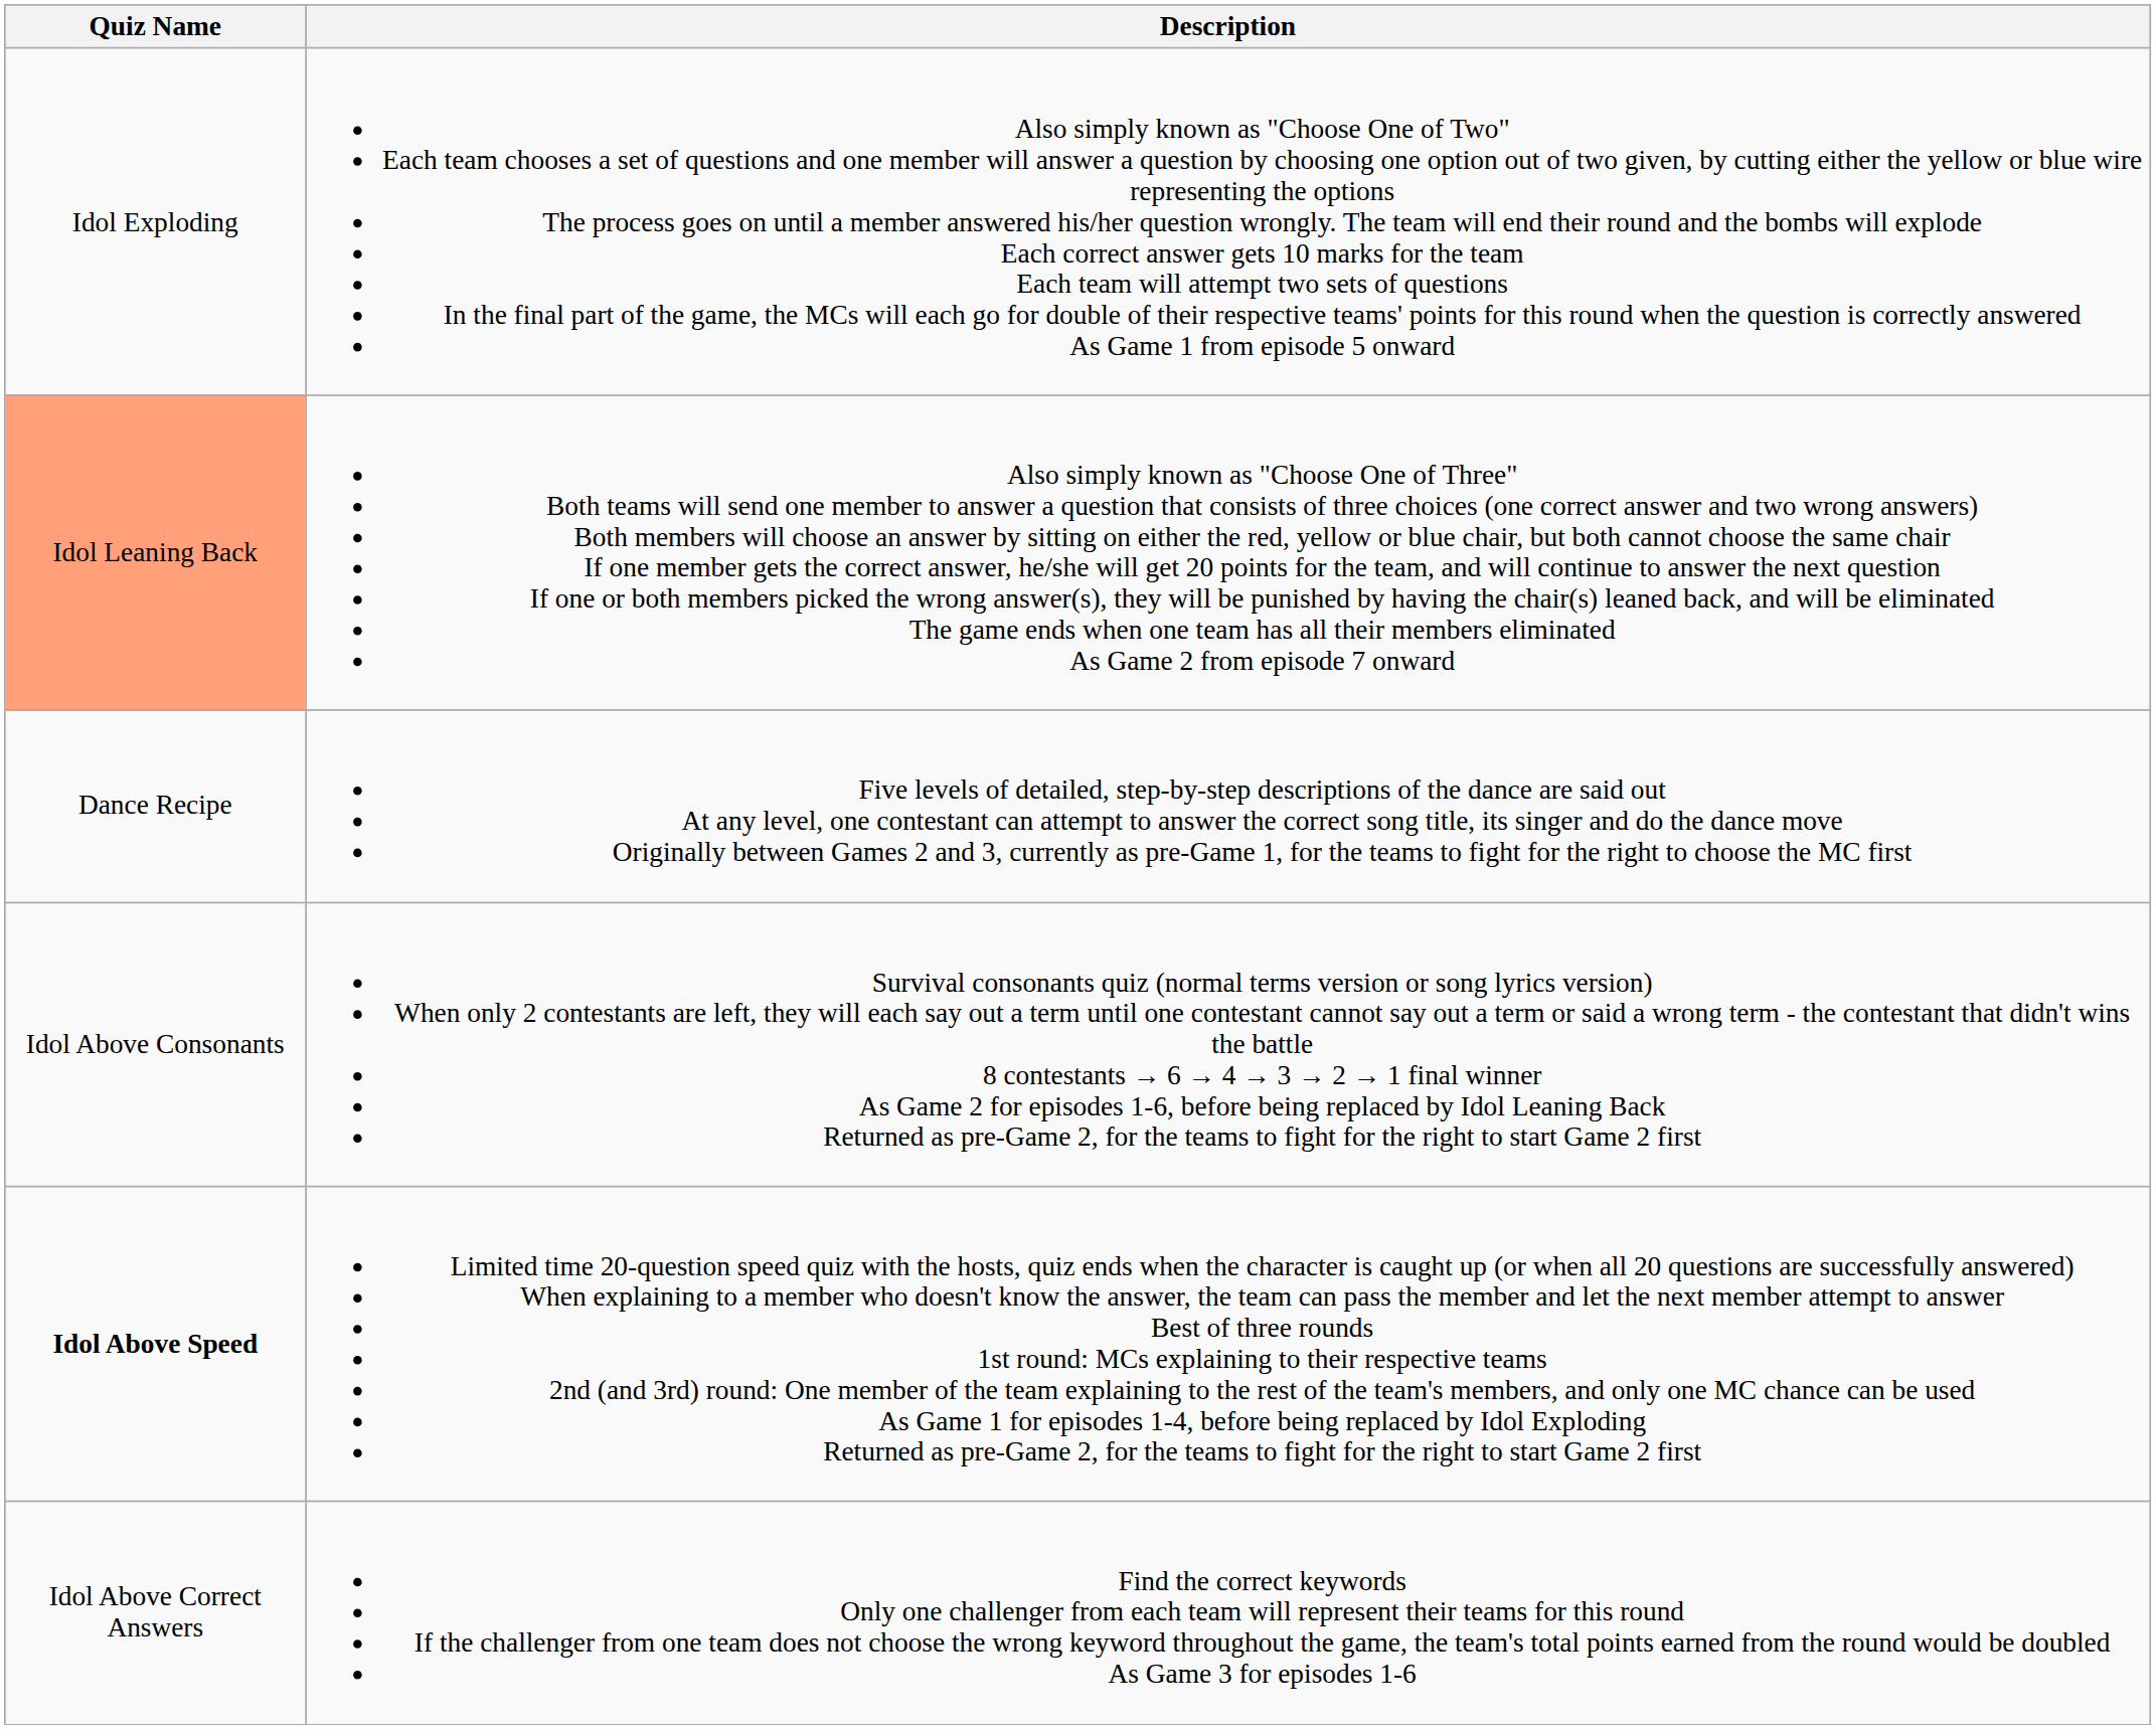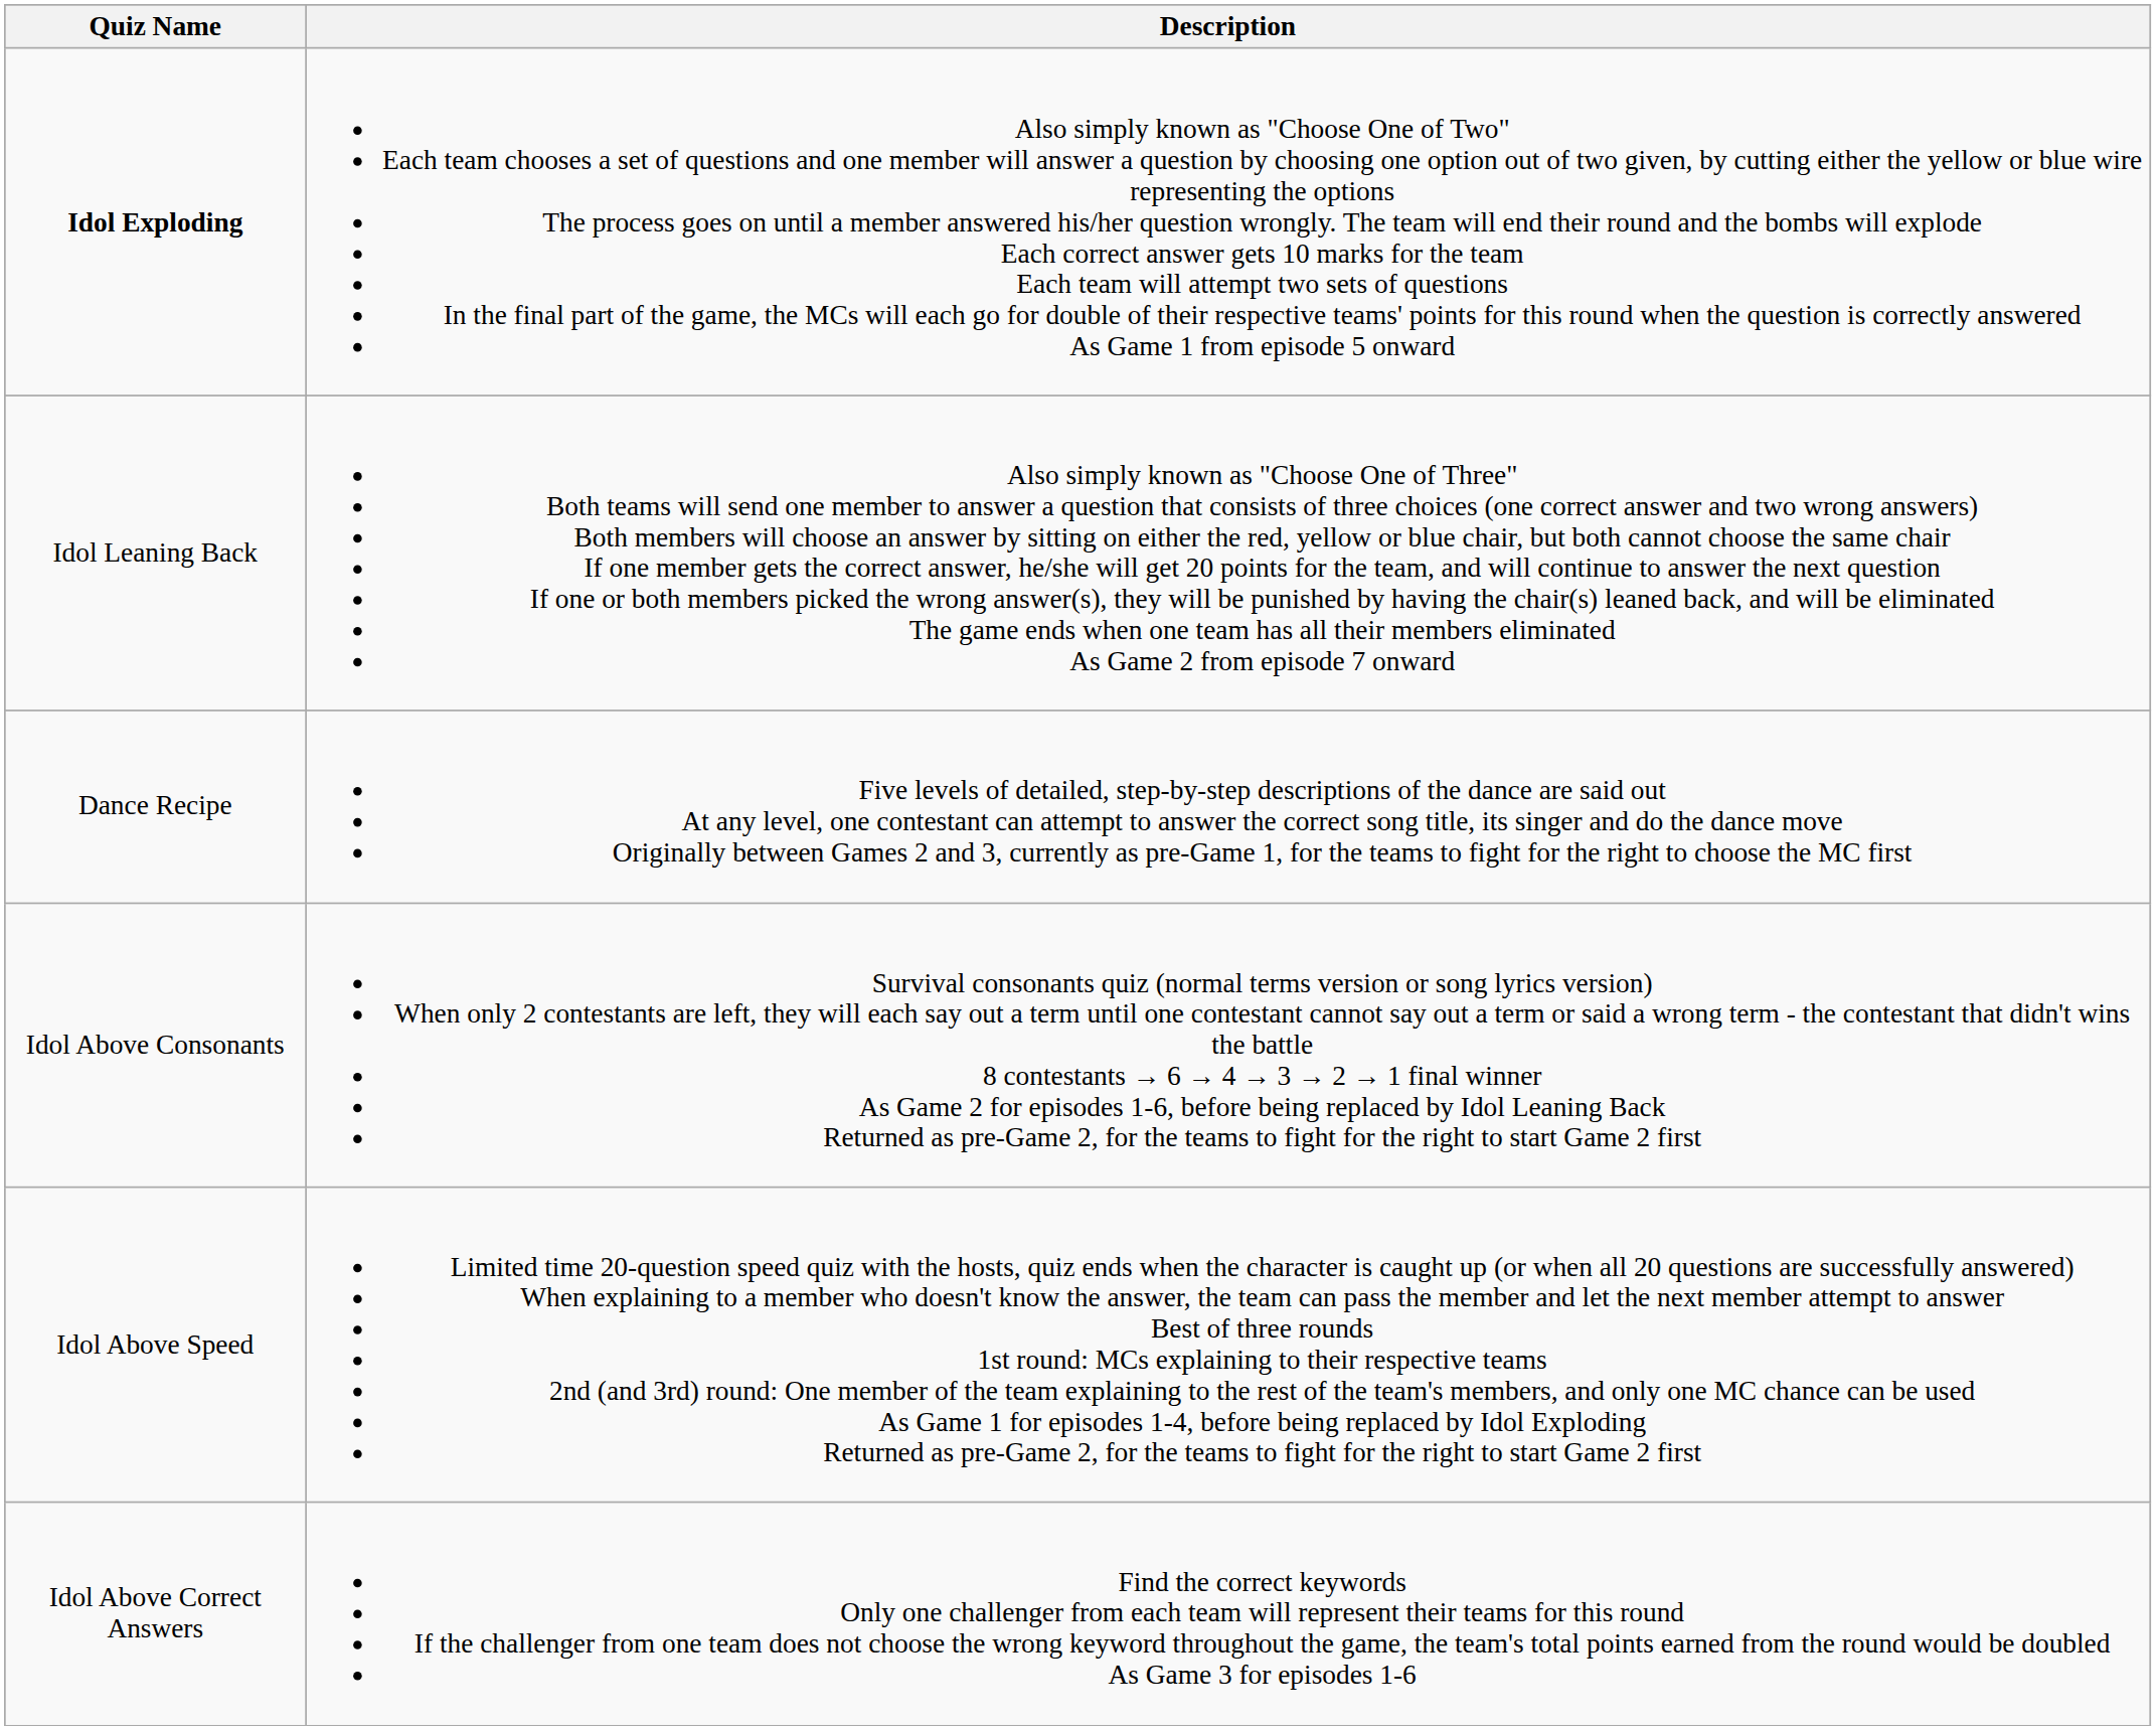 <table Class ="wikitable" style="text-align:center">
 <tr>
 <th>Quiz Name</th>
 <th>Description</th>
 </tr>
 <tr>
-<td>Idol Exploding</td>
+<td><strong>Idol Exploding</strong></td>
 <td><br><ul><li>Also simply known as "Choose One of Two"</li><li>Each team chooses a set of questions and one member will answer a question by choosing one option out of two given, by cutting either the yellow or blue wire representing the options</li><li>The process goes on until a member answered his/her question wrongly. The team will end their round and the bombs will explode</li><li>Each correct answer gets 10 marks for the team</li><li>Each team will attempt two sets of questions</li><li>In the final part of the game, the MCs will each go for double of their respective teams' points for this round when the question is correctly answered</li><li>As Game 1 from episode 5 onward</li></ul></td>
 </tr>
 <tr>
-<td style="background: lightsalmon;">Idol Leaning Back</td>
+<td>Idol Leaning Back</td>
 <td><br><ul><li>Also simply known as "Choose One of Three"</li><li>Both teams will send one member to answer a question that consists of three choices (one correct answer and two wrong answers)</li><li>Both members will choose an answer by sitting on either the red, yellow or blue chair, but both cannot choose the same chair</li><li>If one member gets the correct answer, he/she will get 20 points for the team, and will continue to answer the next question</li><li>If one or both members picked the wrong answer(s), they will be punished by having the chair(s) leaned back, and will be eliminated</li><li>The game ends when one team has all their members eliminated</li><li>As Game 2 from episode 7 onward</li></ul></td>
 </tr>
 <tr>
 <td>Dance Recipe</td>
 <td><br><ul><li>Five levels of detailed, step-by-step descriptions of the dance are said out</li><li>At any level, one contestant can attempt to answer the correct song title, its singer and do the dance move</li><li>Originally between Games 2 and 3, currently as pre-Game 1, for the teams to fight for the right to choose the MC first</li></ul></td>
 </tr>
 <tr>
 <td>Idol Above Consonants</td>
 <td><br><ul><li>Survival consonants quiz (normal terms version or song lyrics version)</li><li>When only 2 contestants are left, they will each say out a term until one contestant cannot say out a term or said a wrong term - the contestant that didn't wins the battle</li><li>8 contestants → 6 → 4 → 3 → 2 → 1 final winner</li><li>As Game 2 for episodes 1-6, before being replaced by Idol Leaning Back</li><li>Returned as pre-Game 2, for the teams to fight for the right to start Game 2 first</li></ul></td>
 </tr>
 <tr>
-<td><strong>Idol Above Speed</strong></td>
+<td>Idol Above Speed</td>
 <td><br><ul><li>Limited time 20-question speed quiz with the hosts, quiz ends when the character is caught up (or when all 20 questions are successfully answered)</li><li>When explaining to a member who doesn't know the answer, the team can pass the member and let the next member attempt to answer</li><li>Best of three rounds</li><li>1st round: MCs explaining to their respective teams</li><li>2nd (and 3rd) round: One member of the team explaining to the rest of the team's members, and only one MC chance can be used</li><li>As Game 1 for episodes 1-4, before being replaced by Idol Exploding</li><li>Returned as pre-Game 2, for the teams to fight for the right to start Game 2 first</li></ul></td>
 </tr>
 <tr>
 <td>Idol Above Correct Answers</td>
 <td><br><ul><li>Find the correct keywords</li><li>Only one challenger from each team will represent their teams for this round</li><li>If the challenger from one team does not choose the wrong keyword throughout the game, the team's total points earned from the round would be doubled</li><li>As Game 3 for episodes 1-6</li></ul></td>
 </tr>
 </table>
